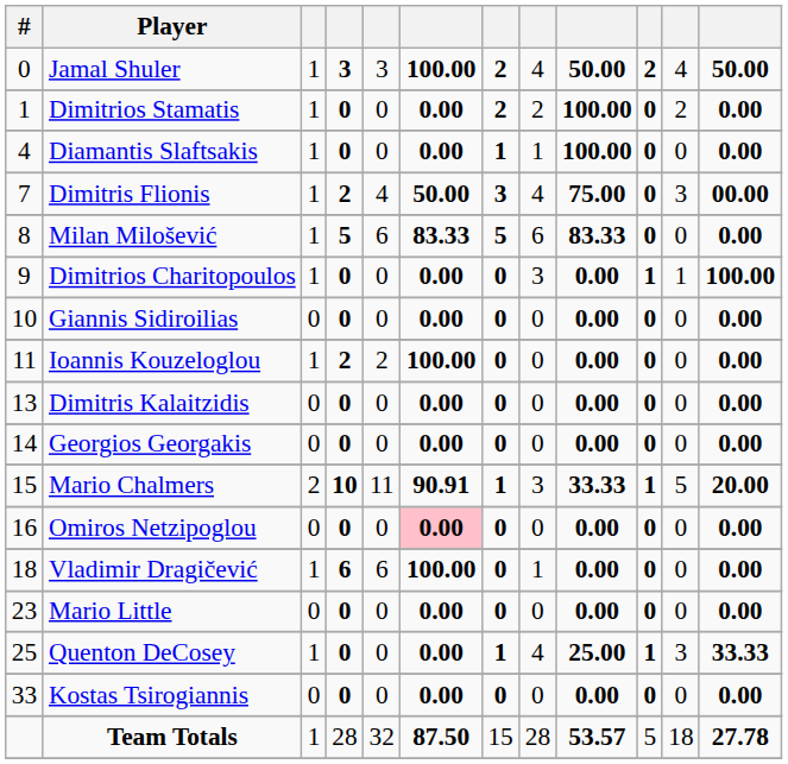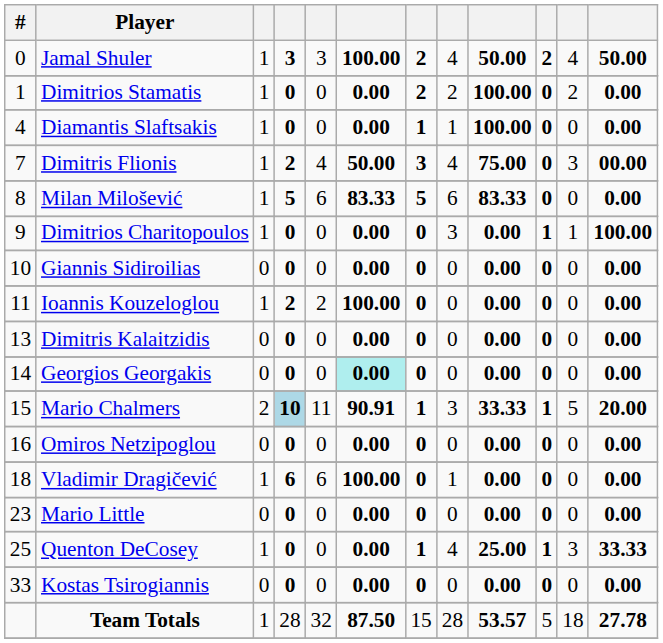 <table class="wikitable sortable" style="font-size:90%; text-align:center;">
 <tr>
 <th>#</th>
 <th>Player</th>
 <th></th>
 <th></th>
 <th></th>
 <th></th>
 <th></th>
 <th></th>
 <th></th>
 <th></th>
 <th></th>
 <th></th>
 </tr>
 <tr>
 <td>0</td>
 <td align="left"> <a href='#'>Jamal Shuler</a></td>
 <td>1</td>
 <td><strong>3</strong></td>
 <td>3</td>
 <td><strong>100.00</strong></td>
 <td><strong>2</strong></td>
 <td>4</td>
 <td><strong>50.00</strong></td>
 <td><strong>2</strong></td>
 <td>4</td>
 <td><strong>50.00</strong></td>
 </tr>
 <tr>
 </tr>
 <tr>
 <td>1</td>
 <td align="left"> <a href='#'>Dimitrios Stamatis</a></td>
 <td>1</td>
 <td><strong>0</strong></td>
 <td>0</td>
 <td><strong>0.00</strong></td>
 <td><strong>2</strong></td>
 <td>2</td>
 <td><strong>100.00</strong></td>
 <td><strong>0</strong></td>
 <td>2</td>
 <td><strong>0.00</strong></td>
 </tr>
 <tr>
 </tr>
 <tr>
 <td>4</td>
 <td align="left"> <a href='#'>Diamantis Slaftsakis</a></td>
 <td>1</td>
 <td><strong>0</strong></td>
 <td>0</td>
 <td><strong>0.00</strong></td>
 <td><strong>1</strong></td>
 <td>1</td>
 <td><strong>100.00</strong></td>
 <td><strong>0</strong></td>
 <td>0</td>
 <td><strong>0.00</strong></td>
 </tr>
 <tr>
 </tr>
 <tr>
 <td>7</td>
 <td align="left"> <a href='#'>Dimitris Flionis</a></td>
 <td>1</td>
 <td><strong>2</strong></td>
 <td>4</td>
 <td><strong>50.00</strong></td>
 <td><strong>3</strong></td>
 <td>4</td>
 <td><strong>75.00</strong></td>
 <td><strong>0</strong></td>
 <td>3</td>
 <td><strong>00.00</strong></td>
 </tr>
 <tr>
 </tr>
 <tr>
 <td>8</td>
 <td align="left"> <a href='#'>Milan Milošević</a></td>
 <td>1</td>
 <td><strong>5</strong></td>
 <td>6</td>
 <td><strong>83.33</strong></td>
 <td><strong>5</strong></td>
 <td>6</td>
 <td><strong>83.33</strong></td>
 <td><strong>0</strong></td>
 <td>0</td>
 <td><strong>0.00</strong></td>
 </tr>
 <tr>
 </tr>
 <tr>
 <td>9</td>
 <td align="left"> <a href='#'>Dimitrios Charitopoulos</a></td>
 <td>1</td>
 <td><strong>0</strong></td>
 <td>0</td>
 <td><strong>0.00</strong></td>
 <td><strong>0</strong></td>
 <td>3</td>
 <td><strong>0.00</strong></td>
 <td><strong>1</strong></td>
 <td>1</td>
 <td><strong>100.00</strong></td>
 </tr>
 <tr>
 </tr>
 <tr>
 <td>10</td>
 <td align="left"> <a href='#'>Giannis Sidiroilias</a></td>
 <td>0</td>
 <td><strong>0</strong></td>
 <td>0</td>
 <td><strong>0.00</strong></td>
 <td><strong>0</strong></td>
 <td>0</td>
 <td><strong>0.00</strong></td>
 <td><strong>0</strong></td>
 <td>0</td>
 <td><strong>0.00</strong></td>
 </tr>
 <tr>
 </tr>
 <tr>
 <td>11</td>
 <td align="left"> <a href='#'>Ioannis Kouzeloglou</a></td>
 <td>1</td>
 <td><strong>2</strong></td>
 <td>2</td>
 <td><strong>100.00</strong></td>
 <td><strong>0</strong></td>
 <td>0</td>
 <td><strong>0.00</strong></td>
 <td><strong>0</strong></td>
 <td>0</td>
 <td><strong>0.00</strong></td>
 </tr>
 <tr>
 </tr>
 <tr>
 <td>13</td>
 <td align="left"> <a href='#'>Dimitris Kalaitzidis</a></td>
 <td>0</td>
 <td><strong>0</strong></td>
 <td>0</td>
 <td><strong>0.00</strong></td>
 <td><strong>0</strong></td>
 <td>0</td>
 <td><strong>0.00</strong></td>
 <td><strong>0</strong></td>
 <td>0</td>
 <td><strong>0.00</strong></td>
 </tr>
 <tr>
 </tr>
 <tr>
 <td>14</td>
 <td align="left"> <a href='#'>Georgios Georgakis</a></td>
 <td>0</td>
 <td><strong>0</strong></td>
 <td>0</td>
-<td><strong>0.00</strong></td>
+<td style="background: paleturquoise;"><strong>0.00</strong></td>
 <td><strong>0</strong></td>
 <td>0</td>
 <td><strong>0.00</strong></td>
 <td><strong>0</strong></td>
 <td>0</td>
 <td><strong>0.00</strong></td>
 </tr>
 <tr>
 </tr>
 <tr>
 <td>15</td>
 <td align="left"> <a href='#'>Mario Chalmers</a></td>
 <td>2</td>
-<td><strong>10</strong></td>
+<td style="background: lightblue;"><strong>10</strong></td>
 <td>11</td>
 <td><strong>90.91</strong></td>
 <td><strong>1</strong></td>
 <td>3</td>
 <td><strong>33.33</strong></td>
 <td><strong>1</strong></td>
 <td>5</td>
 <td><strong>20.00</strong></td>
 </tr>
 <tr>
 </tr>
 <tr>
 <td>16</td>
 <td align="left"> <a href='#'>Omiros Netzipoglou</a></td>
 <td>0</td>
 <td><strong>0</strong></td>
 <td>0</td>
-<td style="background: pink;"><strong>0.00</strong></td>
+<td><strong>0.00</strong></td>
 <td><strong>0</strong></td>
 <td>0</td>
 <td><strong>0.00</strong></td>
 <td><strong>0</strong></td>
 <td>0</td>
 <td><strong>0.00</strong></td>
 </tr>
 <tr>
 </tr>
 <tr>
 <td>18</td>
 <td align="left"> <a href='#'>Vladimir Dragičević</a></td>
 <td>1</td>
 <td><strong>6</strong></td>
 <td>6</td>
 <td><strong>100.00</strong></td>
 <td><strong>0</strong></td>
 <td>1</td>
 <td><strong>0.00</strong></td>
 <td><strong>0</strong></td>
 <td>0</td>
 <td><strong>0.00</strong></td>
 </tr>
 <tr>
 </tr>
 <tr>
 <td>23</td>
 <td align="left"> <a href='#'>Mario Little</a></td>
 <td>0</td>
 <td><strong>0</strong></td>
 <td>0</td>
 <td><strong>0.00</strong></td>
 <td><strong>0</strong></td>
 <td>0</td>
 <td><strong>0.00</strong></td>
 <td><strong>0</strong></td>
 <td>0</td>
 <td><strong>0.00</strong></td>
 </tr>
 <tr>
 </tr>
 <tr>
 <td>25</td>
 <td align="left"> <a href='#'>Quenton DeCosey</a></td>
 <td>1</td>
 <td><strong>0</strong></td>
 <td>0</td>
 <td><strong>0.00</strong></td>
 <td><strong>1</strong></td>
 <td>4</td>
 <td><strong>25.00</strong></td>
 <td><strong>1</strong></td>
 <td>3</td>
 <td><strong>33.33</strong></td>
 </tr>
 <tr>
 </tr>
 <tr>
 <td>33</td>
 <td align="left"> <a href='#'>Kostas Tsirogiannis</a></td>
 <td>0</td>
 <td><strong>0</strong></td>
 <td>0</td>
 <td><strong>0.00</strong></td>
 <td><strong>0</strong></td>
 <td>0</td>
 <td><strong>0.00</strong></td>
 <td><strong>0</strong></td>
 <td>0</td>
 <td><strong>0.00</strong></td>
 </tr>
 <tr>
 </tr>
 <tr>
 <td></td>
 <td><strong>Team Totals</strong></td>
 <td>1</td>
 <td>28</td>
 <td>32</td>
 <td><strong>87.50</strong></td>
 <td>15</td>
 <td>28</td>
 <td><strong>53.57</strong></td>
 <td>5</td>
 <td>18</td>
 <td><strong>27.78</strong></td>
 </tr>
 <tr>
 </tr>
 </table>
